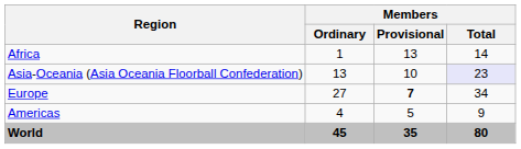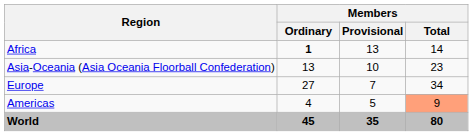 <table class="wikitable sortable">
 <tr>
 <th rowspan=2>Region</th>
 <th colspan=3>Members</th>
 </tr>
 <tr>
 <th style="width: 5em">Ordinary</th>
 <th style="width: 5em">Provisional</th>
 <th style="width: 5em">Total</th>
 </tr>
 <tr>
 <td><a href='#'>Africa</a></td>
-<td align=center>1</td>
+<td align=center><strong>1</strong></td>
 <td align=center>13</td>
 <td align=center>14</td>
 </tr>
 <tr>
 <td><a href='#'>Asia</a>-<a href='#'>Oceania</a> (<a href='#'>Asia Oceania Floorball Confederation</a>)</td>
 <td align=center>13</td>
 <td align=center>10</td>
-<td align=center style="background: lavender;">23</td>
+<td align=center>23</td>
 </tr>
 <tr>
 <td><a href='#'>Europe</a></td>
 <td align=center>27</td>
-<td align=center><strong>7</strong></td>
+<td align=center>7</td>
 <td align=center>34</td>
 </tr>
 <tr>
 <td><a href='#'>Americas</a></td>
 <td align=center>4</td>
 <td align=center>5</td>
-<td align=center>9</td>
+<td align=center style="background: lightsalmon;">9</td>
 </tr>
 <tr style="background:silver;">
 <td><strong>World</strong></td>
 <td align=center><strong>45</strong></td>
 <td align=center><strong>35</strong></td>
 <td align=center><strong>80</strong></td>
 </tr>
 </table>
